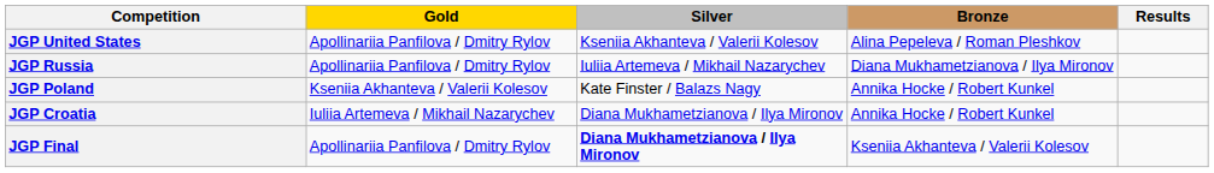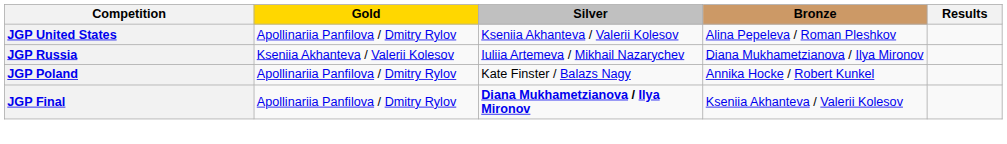 <table class="wikitable unsortable" style="text-align:left; width:100%">
 <tr>
 <th scope="col" style="text-align:center; width:25%;">Competition</th>
 <td scope="col" style="text-align:center; width:22.5%; background:gold"><strong>Gold</strong></td>
 <td scope="col" style="text-align:center; width:22.5%; background:silver"><strong>Silver</strong></td>
 <td scope="col" style="text-align:center; width:22.5%; background:#c96"><strong>Bronze</strong></td>
 <th scope="col" style="text-align:center; width:7.5%;">Results</th>
 </tr>
 <tr>
 <th scope="row" style="text-align:left"> <a href='#'>JGP United States</a></th>
 <td> <a href='#'>Apollinariia Panfilova</a> / <a href='#'>Dmitry Rylov</a></td>
 <td> <a href='#'>Kseniia Akhanteva</a> / <a href='#'>Valerii Kolesov</a></td>
 <td> <a href='#'>Alina Pepeleva</a> / <a href='#'>Roman Pleshkov</a></td>
 <td></td>
 </tr>
 <tr>
 <th scope="row" style="text-align:left"> <a href='#'>JGP Russia</a></th>
-<td> <a href='#'>Apollinariia Panfilova</a> / <a href='#'>Dmitry Rylov</a></td>
+<td> <a href='#'>Kseniia Akhanteva</a> / <a href='#'>Valerii Kolesov</a></td>
 <td> <a href='#'>Iuliia Artemeva</a> / <a href='#'>Mikhail Nazarychev</a></td>
 <td> <a href='#'>Diana Mukhametzianova</a> / <a href='#'>Ilya Mironov</a></td>
 <td></td>
 </tr>
 <tr>
 <th scope="row" style="text-align:left"> <a href='#'>JGP Poland</a></th>
-<td> <a href='#'>Kseniia Akhanteva</a> / <a href='#'>Valerii Kolesov</a></td>
+<td> <a href='#'>Apollinariia Panfilova</a> / <a href='#'>Dmitry Rylov</a></td>
 <td> Kate Finster / <a href='#'>Balazs Nagy</a></td>
-<td> <a href='#'>Annika Hocke</a> / <a href='#'>Robert Kunkel</a></td>
-<td></td>
-</tr>
-<tr>
-<th scope="row" style="text-align:left"> <a href='#'>JGP Croatia</a></th>
-<td> <a href='#'>Iuliia Artemeva</a> / <a href='#'>Mikhail Nazarychev</a></td>
-<td> <a href='#'>Diana Mukhametzianova</a> / <a href='#'>Ilya Mironov</a></td>
 <td> <a href='#'>Annika Hocke</a> / <a href='#'>Robert Kunkel</a></td>
 <td></td>
 </tr>
 <tr>
 <th scope="row" style="text-align:left"> <a href='#'>JGP Final</a></th>
 <td> <a href='#'>Apollinariia Panfilova</a> / <a href='#'>Dmitry Rylov</a></td>
 <td><strong> <a href='#'>Diana Mukhametzianova</a> / <a href='#'>Ilya Mironov</a></strong></td>
 <td> <a href='#'>Kseniia Akhanteva</a> / <a href='#'>Valerii Kolesov</a></td>
 <td></td>
 </tr>
 </table>
